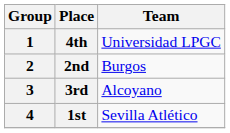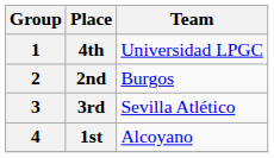 <table class="wikitable">
 <tr>
 <th>Group</th>
 <th>Place</th>
 <th>Team</th>
 </tr>
 <tr>
 <th>1</th>
 <th>4th</th>
 <td><a href='#'>Universidad LPGC</a></td>
 </tr>
 <tr>
 <th>2</th>
 <th>2nd</th>
 <td><a href='#'>Burgos</a></td>
 </tr>
 <tr>
 <th>3</th>
 <th>3rd</th>
-<td><a href='#'>Alcoyano</a></td>
+<td><a href='#'>Sevilla Atlético</a></td>
 </tr>
 <tr>
 <th>4</th>
 <th>1st</th>
-<td><a href='#'>Sevilla Atlético</a></td>
+<td><a href='#'>Alcoyano</a></td>
 </tr>
 <tr>
 </tr>
 </table>
